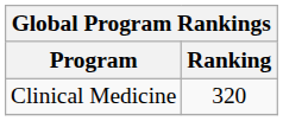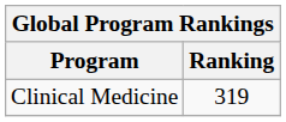 <table class="wikitable sortable collapsible collapsed" style="float:middle; clear:middle; text-align:center">
 <tr>
 <th colspan=4>Global Program Rankings</th>
 </tr>
 <tr>
 <th>Program</th>
 <th>Ranking</th>
 </tr>
 <tr>
 <td>Clinical Medicine</td>
-<td>320</td>
+<td>319</td>
 </tr>
 <tr>
 </tr>
 </table>
